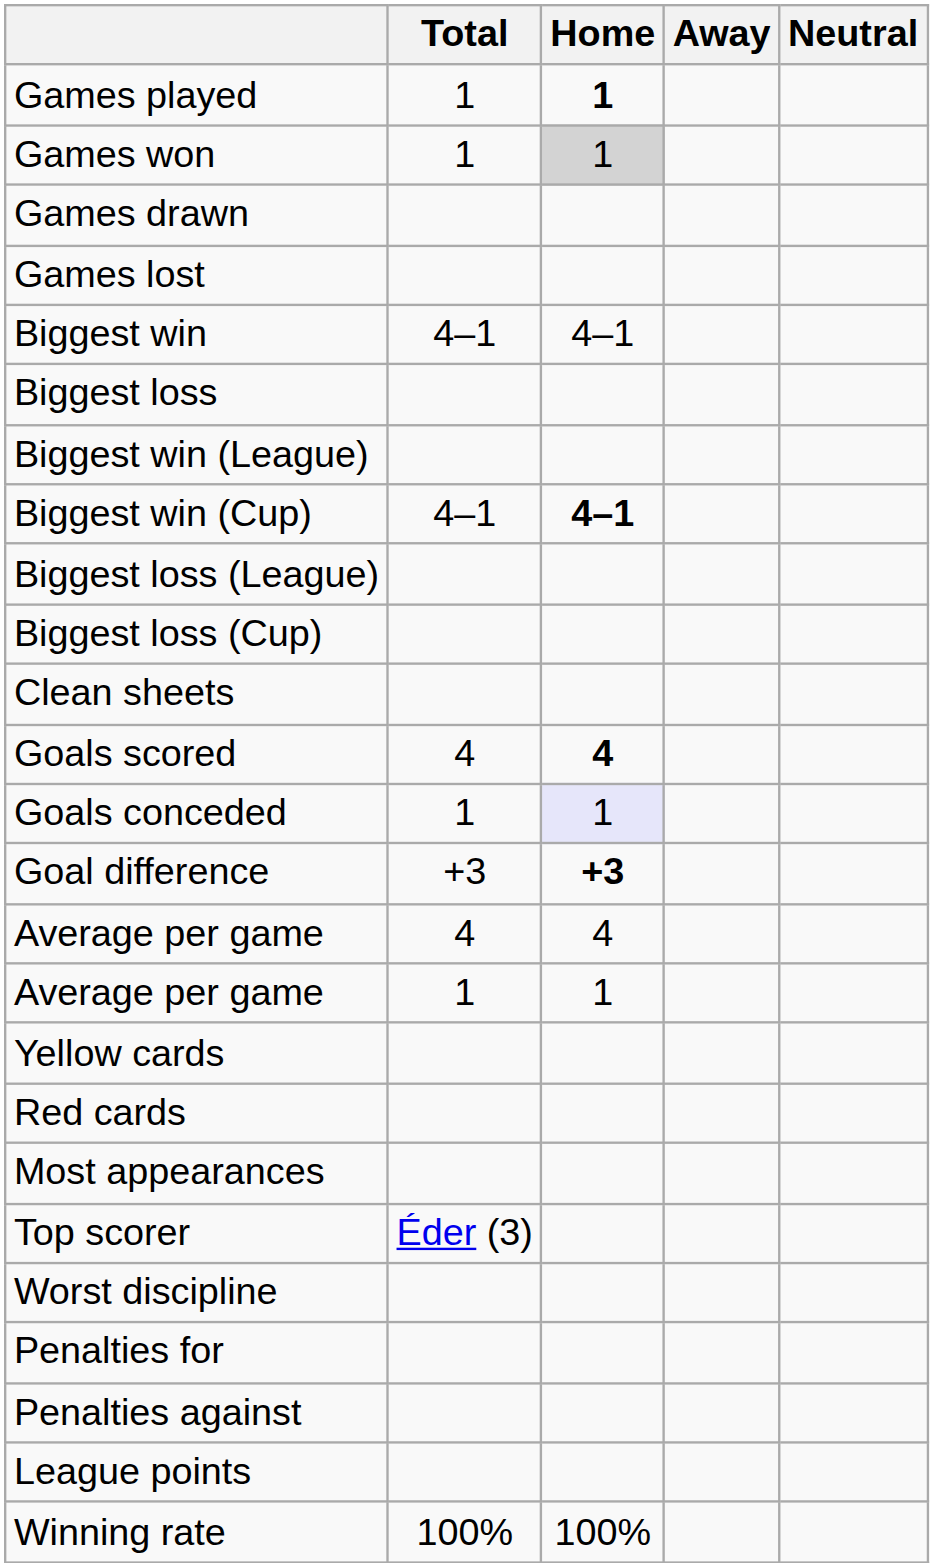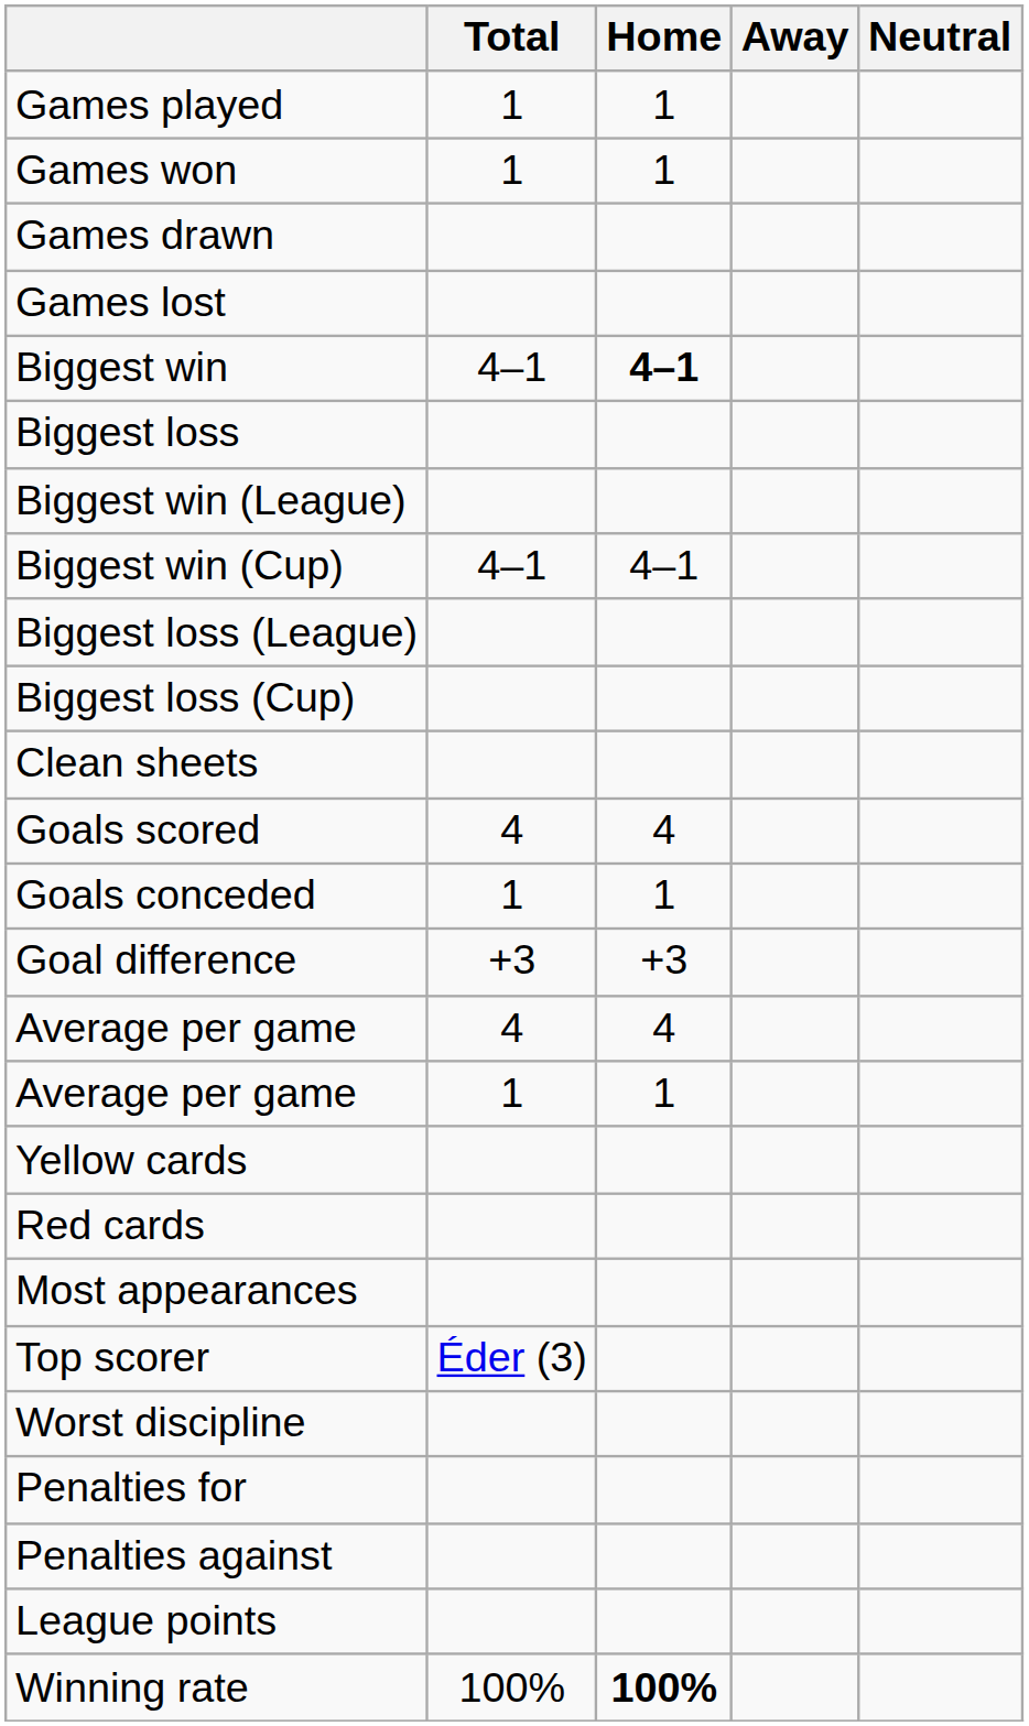 <table class="wikitable" style="text-align: center;">
 <tr>
 <th></th>
 <th>Total</th>
 <th>Home</th>
 <th>Away</th>
 <th>Neutral</th>
 </tr>
 <tr>
 <td align=left>Games played</td>
 <td>1</td>
-<td><strong>1</strong></td>
+<td>1</td>
 <td></td>
 <td></td>
 </tr>
 <tr>
 <td align=left>Games won</td>
 <td>1</td>
-<td style="background: lightgrey;">1</td>
+<td>1</td>
 <td></td>
 <td></td>
 </tr>
 <tr>
 <td align=left>Games drawn</td>
 <td></td>
 <td></td>
 <td></td>
 <td></td>
 </tr>
 <tr>
 <td align=left>Games lost</td>
 <td></td>
 <td></td>
 <td></td>
 <td></td>
 </tr>
 <tr>
 <td align=left>Biggest win</td>
 <td>4–1</td>
-<td>4–1</td>
+<td><strong>4–1</strong></td>
 <td></td>
 <td></td>
 </tr>
 <tr>
 <td align=left>Biggest loss</td>
 <td></td>
 <td></td>
 <td></td>
 <td></td>
 </tr>
 <tr>
 <td align=left>Biggest win (League)</td>
 <td></td>
 <td></td>
 <td></td>
 <td></td>
 </tr>
 <tr>
 <td align=left>Biggest win (Cup)</td>
 <td>4–1</td>
-<td><strong>4–1</strong></td>
+<td>4–1</td>
 <td></td>
 <td></td>
 </tr>
 <tr>
 <td align=left>Biggest loss (League)</td>
 <td></td>
 <td></td>
 <td></td>
 <td></td>
 </tr>
 <tr>
 <td align=left>Biggest loss (Cup)</td>
 <td></td>
 <td></td>
 <td></td>
 <td></td>
 </tr>
 <tr>
 <td align=left>Clean sheets</td>
 <td></td>
 <td></td>
 <td></td>
 <td></td>
 </tr>
 <tr>
 <td align=left>Goals scored</td>
 <td>4</td>
-<td><strong>4</strong></td>
+<td>4</td>
 <td></td>
 <td></td>
 </tr>
 <tr>
 <td align=left>Goals conceded</td>
 <td>1</td>
-<td style="background: lavender;">1</td>
+<td>1</td>
 <td></td>
 <td></td>
 </tr>
 <tr>
 <td align=left>Goal difference</td>
 <td>+3</td>
-<td><strong>+3</strong></td>
+<td>+3</td>
 <td></td>
 <td></td>
 </tr>
 <tr>
 <td align=left>Average  per game</td>
 <td>4</td>
 <td>4</td>
 <td></td>
 <td></td>
 </tr>
 <tr>
 <td align=left>Average  per game</td>
 <td>1</td>
 <td>1</td>
 <td></td>
 <td></td>
 </tr>
 <tr>
 <td align=left>Yellow cards</td>
 <td></td>
 <td></td>
 <td></td>
 <td></td>
 </tr>
 <tr>
 <td align=left>Red cards</td>
 <td></td>
 <td></td>
 <td></td>
 <td></td>
 </tr>
 <tr>
 <td align=left>Most appearances</td>
 <td></td>
 <td></td>
 <td></td>
 <td></td>
 </tr>
 <tr>
 <td align=left>Top scorer</td>
 <td><a href='#'>Éder</a> (3)</td>
 <td></td>
 <td></td>
 <td></td>
 </tr>
 <tr>
 <td align=left>Worst discipline</td>
 <td></td>
 <td></td>
 <td></td>
 <td></td>
 </tr>
 <tr>
 <td align=left>Penalties for</td>
 <td></td>
 <td></td>
 <td></td>
 <td></td>
 </tr>
 <tr>
 <td align=left>Penalties against</td>
 <td></td>
 <td></td>
 <td></td>
 <td></td>
 </tr>
 <tr>
 <td align=left>League points</td>
 <td></td>
 <td></td>
 <td></td>
 <td></td>
 </tr>
 <tr>
 <td align=left>Winning rate</td>
 <td>100%</td>
-<td>100%</td>
+<td><strong>100%</strong></td>
 <td></td>
 <td></td>
 </tr>
 <tr>
 </tr>
 </table>
